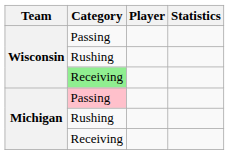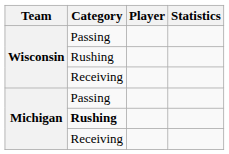 <table class="wikitable" style="float:right">
 <tr>
 <th>Team</th>
 <th>Category</th>
 <th>Player</th>
 <th>Statistics</th>
 </tr>
 <tr>
 <th rowspan=3>Wisconsin</th>
 <td>Passing</td>
 <td></td>
 <td></td>
 </tr>
 <tr>
 <td>Rushing</td>
 <td></td>
 <td></td>
 </tr>
 <tr>
-<td style="background: lightgreen;">Receiving</td>
+<td>Receiving</td>
 <td></td>
 <td></td>
 </tr>
 <tr>
 <th rowspan=3>Michigan</th>
-<td style="background: pink;">Passing</td>
+<td>Passing</td>
 <td></td>
 <td></td>
 </tr>
 <tr>
-<td>Rushing</td>
+<td><strong>Rushing</strong></td>
 <td></td>
 <td></td>
 </tr>
 <tr>
 <td>Receiving</td>
 <td></td>
 <td></td>
 </tr>
 </table>
